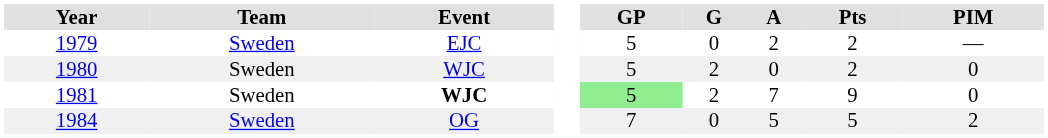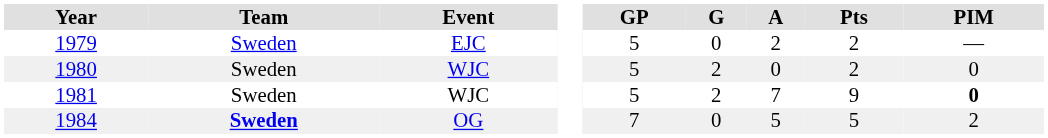 <table border="0" cellpadding="1" cellspacing="0" style="text-align:center; width:50em">
 <tr ALIGN="center" bgcolor="#e0e0e0">
 <th>Year</th>
 <th>Team</th>
 <th>Event</th>
 <th rowspan="99" bgcolor="#ffffff"> </th>
 <th>GP</th>
 <th>G</th>
 <th>A</th>
 <th>Pts</th>
 <th>PIM</th>
 </tr>
 <tr>
 <td><a href='#'>1979</a></td>
 <td><a href='#'>Sweden</a></td>
 <td><a href='#'>EJC</a></td>
 <td>5</td>
 <td>0</td>
 <td>2</td>
 <td>2</td>
 <td>—</td>
 </tr>
 <tr bgcolor="#f0f0f0">
 <td><a href='#'>1980</a></td>
 <td>Sweden</td>
 <td><a href='#'>WJC</a></td>
 <td>5</td>
 <td>2</td>
 <td>0</td>
 <td>2</td>
 <td>0</td>
 </tr>
 <tr>
 <td><a href='#'>1981</a></td>
 <td>Sweden</td>
-<td><strong>WJC</strong></td>
-<td style="background: lightgreen;">5</td>
+<td>WJC</td>
+<td>5</td>
 <td>2</td>
 <td>7</td>
 <td>9</td>
-<td>0</td>
+<td><strong>0</strong></td>
 </tr>
 <tr bgcolor="#f0f0f0">
 <td><a href='#'>1984</a></td>
-<td><a href='#'>Sweden</a></td>
+<td><strong><a href='#'>Sweden</a></strong></td>
 <td><a href='#'>OG</a></td>
 <td>7</td>
 <td>0</td>
 <td>5</td>
 <td>5</td>
 <td>2</td>
 </tr>
 </table>
